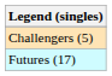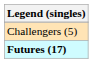 <table class=wikitable>
 <tr>
 <th>Legend (singles)</th>
 </tr>
 <tr style="background:#f3e6d7;">
 </tr>
 <tr bgcolor=moccasin>
 <td>Challengers (5)</td>
 </tr>
 <tr style="background:#cffcff;">
-<td>Futures (17)</td>
+<td><strong>Futures (17)</strong></td>
 </tr>
 </table>
